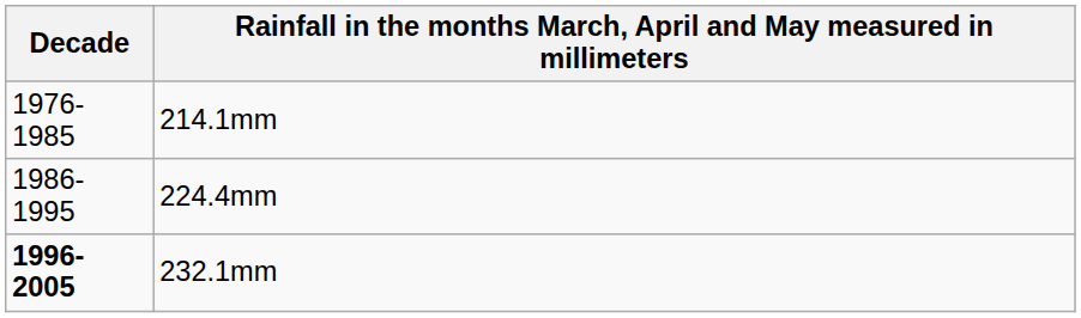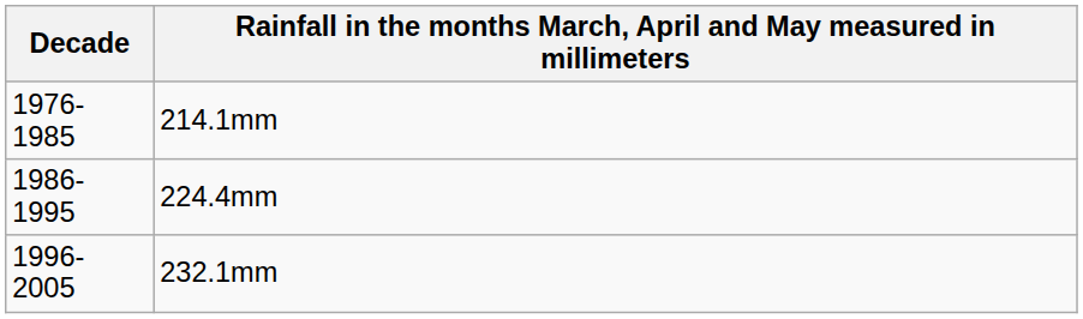 <table class="wikitable">
 <tr>
 <th>Decade</th>
 <th>Rainfall in the months March, April and May measured in millimeters</th>
 </tr>
 <tr>
 <td>1976-1985</td>
 <td>214.1mm</td>
 </tr>
 <tr>
 <td>1986-1995</td>
 <td>224.4mm</td>
 </tr>
 <tr>
-<td><strong>1996-2005</strong></td>
+<td>1996-2005</td>
 <td>232.1mm</td>
 </tr>
 </table>
